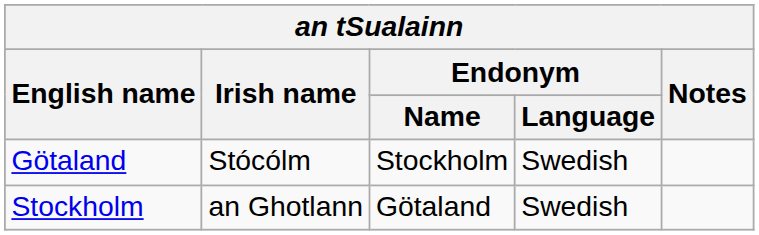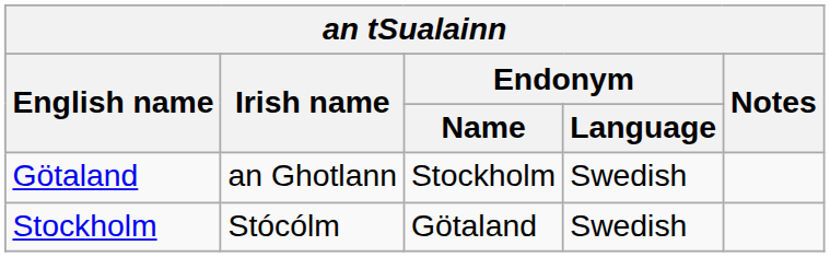 <table class="wikitable sortable">
 <tr>
 <th colspan="5"> <em>an tSualainn</em></th>
 </tr>
 <tr>
 <th rowspan="2">English name</th>
 <th rowspan="2">Irish name</th>
 <th colspan="2">Endonym</th>
 <th rowspan="2">Notes</th>
 </tr>
 <tr>
 <th>Name</th>
 <th>Language</th>
 </tr>
 <tr>
 <td><a href='#'>Götaland</a></td>
-<td>Stócólm</td>
+<td>an Ghotlann</td>
 <td>Stockholm</td>
 <td>Swedish</td>
 <td></td>
 </tr>
 <tr>
 <td><a href='#'>Stockholm</a></td>
-<td>an Ghotlann</td>
+<td>Stócólm</td>
 <td>Götaland</td>
 <td>Swedish</td>
 <td></td>
 </tr>
 </table>
